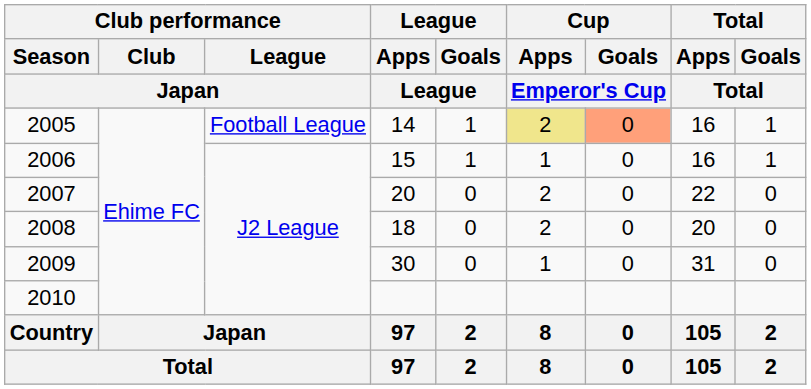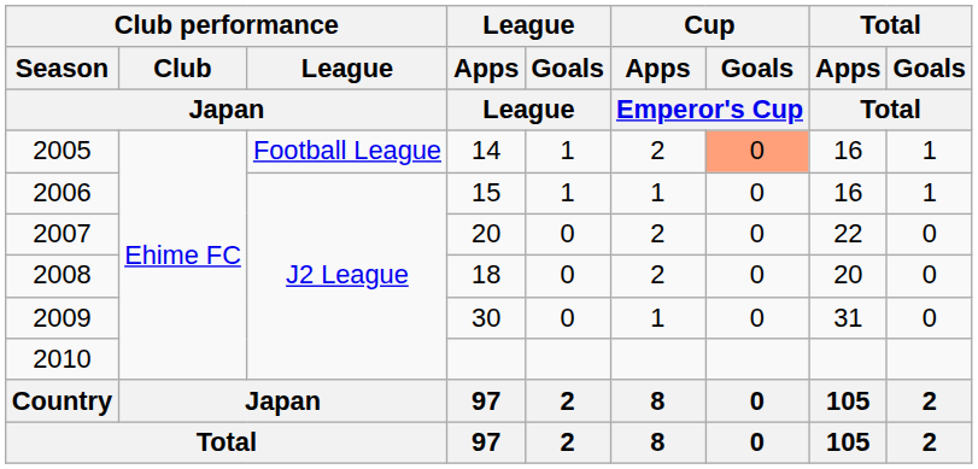 <table class="wikitable" style="text-align:center;">
 <tr>
 <th colspan=3>Club performance</th>
 <th colspan=2>League</th>
 <th colspan=2>Cup</th>
 <th colspan=2>Total</th>
 </tr>
 <tr>
 <th>Season</th>
 <th>Club</th>
 <th>League</th>
 <th>Apps</th>
 <th>Goals</th>
 <th>Apps</th>
 <th>Goals</th>
 <th>Apps</th>
 <th>Goals</th>
 </tr>
 <tr>
 <th colspan=3>Japan</th>
 <th colspan=2>League</th>
 <th colspan=2><a href='#'>Emperor's Cup</a></th>
 <th colspan=2>Total</th>
 </tr>
 <tr>
 <td>2005</td>
 <td rowspan="6"><a href='#'>Ehime FC</a></td>
 <td><a href='#'>Football League</a></td>
 <td>14</td>
 <td>1</td>
-<td style="background: khaki;">2</td>
+<td>2</td>
 <td style="background: lightsalmon;">0</td>
 <td>16</td>
 <td>1</td>
 </tr>
 <tr>
 <td>2006</td>
 <td rowspan="5"><a href='#'>J2 League</a></td>
 <td>15</td>
 <td>1</td>
 <td>1</td>
 <td>0</td>
 <td>16</td>
 <td>1</td>
 </tr>
 <tr>
 <td>2007</td>
 <td>20</td>
 <td>0</td>
 <td>2</td>
 <td>0</td>
 <td>22</td>
 <td>0</td>
 </tr>
 <tr>
 <td>2008</td>
 <td>18</td>
 <td>0</td>
 <td>2</td>
 <td>0</td>
 <td>20</td>
 <td>0</td>
 </tr>
 <tr>
 <td>2009</td>
 <td>30</td>
 <td>0</td>
 <td>1</td>
 <td>0</td>
 <td>31</td>
 <td>0</td>
 </tr>
 <tr>
 <td>2010</td>
 <td></td>
 <td></td>
 <td></td>
 <td></td>
 <td></td>
 <td></td>
 </tr>
 <tr>
 <th rowspan=1>Country</th>
 <th colspan=2>Japan</th>
 <th>97</th>
 <th>2</th>
 <th>8</th>
 <th>0</th>
 <th>105</th>
 <th>2</th>
 </tr>
 <tr>
 <th colspan=3>Total</th>
 <th>97</th>
 <th>2</th>
 <th>8</th>
 <th>0</th>
 <th>105</th>
 <th>2</th>
 </tr>
 </table>
